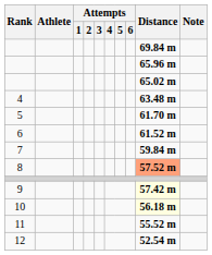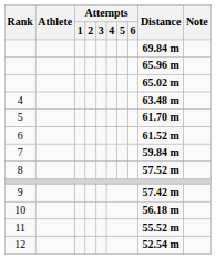 <table class="wikitable" style=" text-align:center; font-size:100%;">
 <tr>
 <th rowspan="2">Rank</th>
 <th rowspan="2">Athlete</th>
 <th colspan="6">Attempts</th>
 <th rowspan="2">Distance</th>
 <th rowspan="2">Note</th>
 </tr>
 <tr>
 <th>1</th>
 <th>2</th>
 <th>3</th>
 <th>4</th>
 <th>5</th>
 <th>6</th>
 </tr>
 <tr>
 <td></td>
 <td align=left></td>
 <td></td>
 <td></td>
 <td></td>
 <td></td>
 <td></td>
 <td></td>
 <td><strong>69.84 m </strong></td>
 <td></td>
 </tr>
 <tr>
 <td></td>
 <td align=left></td>
 <td></td>
 <td></td>
 <td></td>
 <td></td>
 <td></td>
 <td></td>
 <td><strong>65.96 m </strong></td>
 <td></td>
 </tr>
 <tr>
 <td></td>
 <td align=left></td>
 <td></td>
 <td></td>
 <td></td>
 <td></td>
 <td></td>
 <td></td>
 <td><strong>65.02 m </strong></td>
 <td></td>
 </tr>
 <tr>
 <td>4</td>
 <td align=left></td>
 <td></td>
 <td></td>
 <td></td>
 <td></td>
 <td></td>
 <td></td>
 <td><strong>63.48 m </strong></td>
 <td></td>
 </tr>
 <tr>
 <td>5</td>
 <td align=left></td>
 <td></td>
 <td></td>
 <td></td>
 <td></td>
 <td></td>
 <td></td>
 <td><strong>61.70 m </strong></td>
 <td></td>
 </tr>
 <tr>
 <td>6</td>
 <td align=left></td>
 <td></td>
 <td></td>
 <td></td>
 <td></td>
 <td></td>
 <td></td>
 <td><strong>61.52 m </strong></td>
 <td></td>
 </tr>
 <tr>
 <td>7</td>
 <td align=left></td>
 <td></td>
 <td></td>
 <td></td>
 <td></td>
 <td></td>
 <td></td>
 <td><strong>59.84 m </strong></td>
 <td></td>
 </tr>
 <tr>
 <td>8</td>
 <td align=left></td>
 <td></td>
 <td></td>
 <td></td>
 <td></td>
 <td></td>
 <td></td>
-<td style="background: lightsalmon;"><strong>57.52 m </strong></td>
+<td><strong>57.52 m </strong></td>
 <td></td>
 </tr>
 <tr>
 <td colspan=10 bgcolor=lightgray></td>
 </tr>
 <tr>
 <td>9</td>
 <td align=left></td>
 <td></td>
 <td></td>
 <td></td>
 <td colspan=3></td>
-<td style="background: lightyellow;"><strong>57.42 m </strong></td>
+<td><strong>57.42 m </strong></td>
 <td></td>
 </tr>
 <tr>
 <td>10</td>
 <td align=left></td>
 <td></td>
 <td></td>
 <td></td>
 <td colspan=3></td>
-<td style="background: lightyellow;"><strong>56.18 m </strong></td>
+<td><strong>56.18 m </strong></td>
 <td></td>
 </tr>
 <tr>
 <td>11</td>
 <td align=left></td>
 <td></td>
 <td></td>
 <td></td>
 <td colspan=3></td>
 <td><strong>55.52 m </strong></td>
 <td></td>
 </tr>
 <tr>
 <td>12</td>
 <td align=left></td>
 <td></td>
 <td></td>
 <td></td>
 <td colspan=3></td>
 <td><strong>52.54 m </strong></td>
 <td></td>
 </tr>
 </table>
